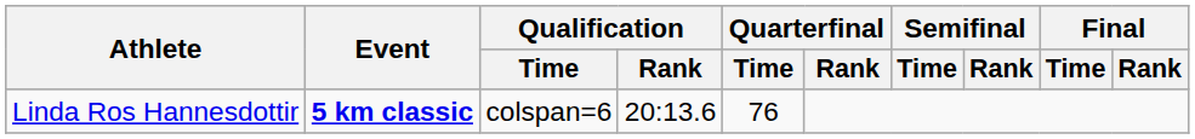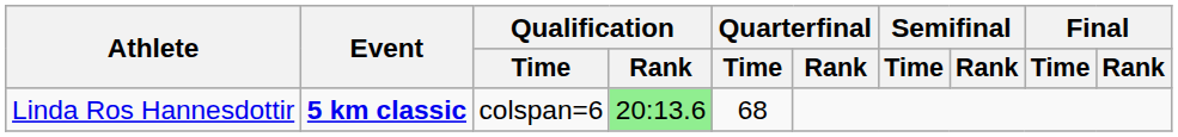 <table class="wikitable" style="font-size:90%">
 <tr>
 <th rowspan="2">Athlete</th>
 <th rowspan="2">Event</th>
 <th colspan="2">Qualification</th>
 <th colspan="2">Quarterfinal</th>
 <th colspan="2">Semifinal</th>
 <th colspan="2">Final</th>
 </tr>
 <tr style="font-size:95%">
 <th>Time</th>
 <th>Rank</th>
 <th>Time</th>
 <th>Rank</th>
 <th>Time</th>
 <th>Rank</th>
 <th>Time</th>
 <th>Rank</th>
 </tr>
 <tr align=center>
 <td align=left rowspan=3><a href='#'>Linda Ros Hannesdottir</a></td>
 <td align=left><strong><a href='#'>5 km classic</a></strong></td>
 <td>colspan=6 </td>
-<td>20:13.6</td>
-<td>76</td>
+<td style="background: lightgreen;">20:13.6</td>
+<td>68</td>
 </tr>
 </table>
